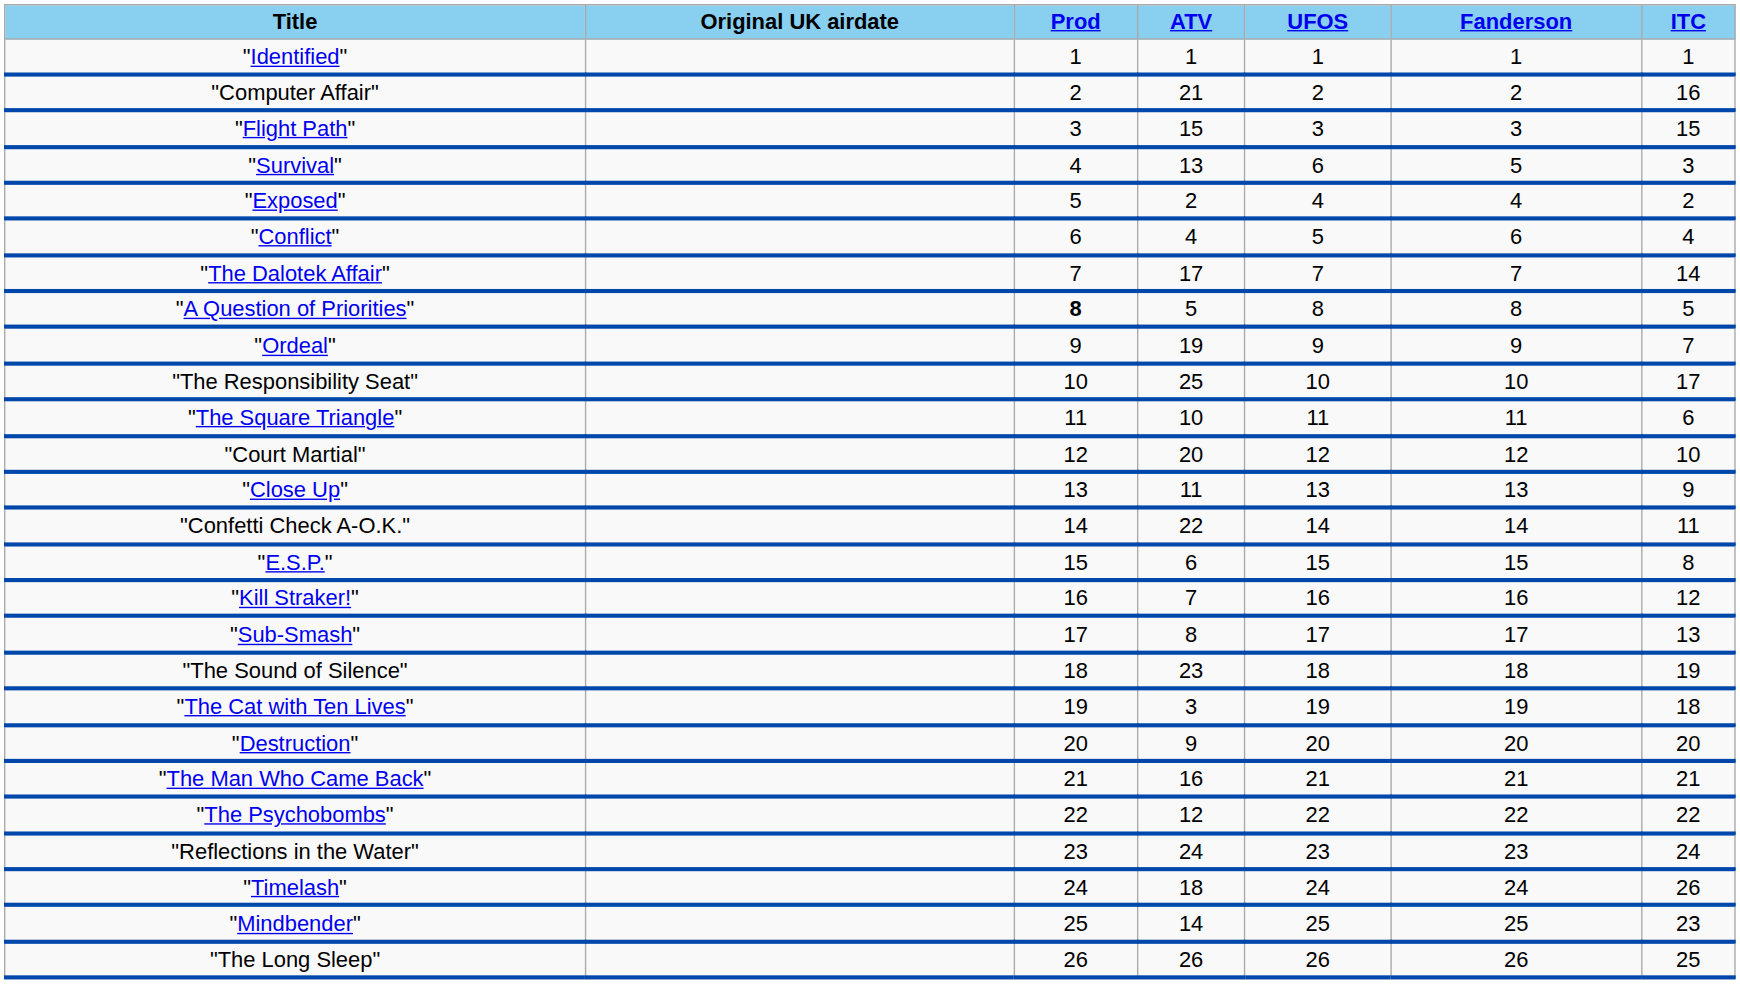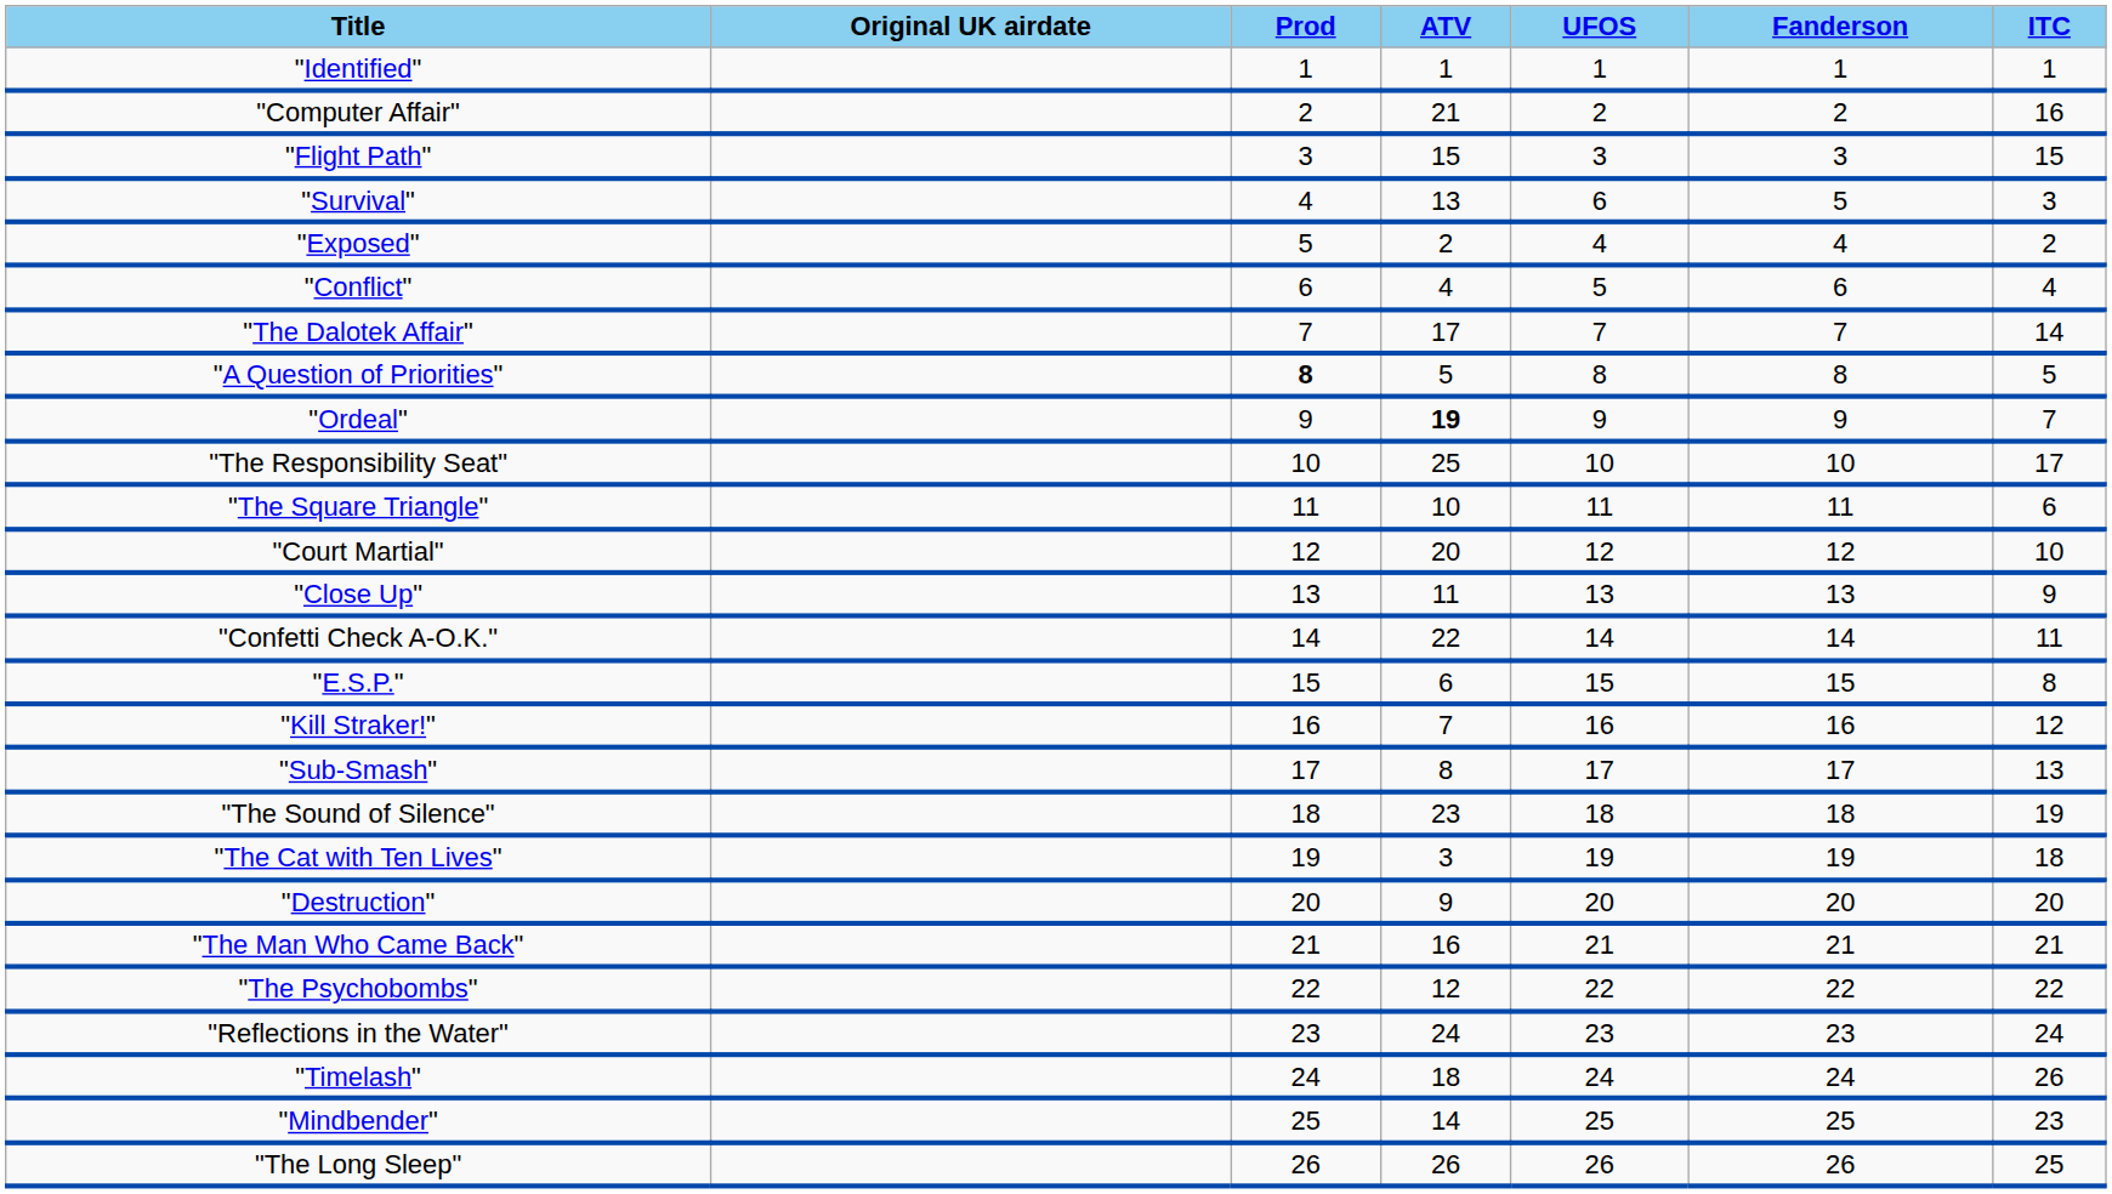 <table class="wikitable sortable" width="100%">
 <tr>
 <th scope="col" style="background-color:#89CFF0;">Title</th>
 <th scope="col" style="background-color:#89CFF0;">Original UK airdate</th>
 <th scope="col" style="background-color:#89CFF0;"><a href='#'>Prod</a></th>
 <th scope="col" style="background-color:#89CFF0;"><a href='#'>ATV</a></th>
 <th scope="col" style="background-color:#89CFF0;"><a href='#'>UFOS</a></th>
 <th scope="col" style="background-color:#89CFF0;"><a href='#'>Fanderson</a></th>
 <th scope="col" style="background-color:#89CFF0;"><a href='#'>ITC</a></th>
 </tr>
 <tr>
 <td align="center">"<a href='#'>Identified</a>"</td>
 <td align="center"></td>
 <td align="center">1</td>
 <td align="center">1</td>
 <td align="center">1</td>
 <td align="center">1</td>
 <td align="center">1</td>
 </tr>
 <tr class="expand-child" style="border-bottom: 3px solid #0047AB;">
 </tr>
 <tr>
 <td align="center">"Computer Affair"</td>
 <td align="center"></td>
 <td align="center">2</td>
 <td align="center">21</td>
 <td align="center">2</td>
 <td align="center">2</td>
 <td align="center">16</td>
 </tr>
 <tr class="expand-child" style="border-bottom: 3px solid #0047AB;">
 </tr>
 <tr>
 <td align="center">"<a href='#'>Flight Path</a>"</td>
 <td align="center"></td>
 <td align="center">3</td>
 <td align="center">15</td>
 <td align="center">3</td>
 <td align="center">3</td>
 <td align="center">15</td>
 </tr>
 <tr class="expand-child" style="border-bottom: 3px solid #0047AB;">
 </tr>
 <tr>
 <td align="center">"<a href='#'>Survival</a>"</td>
 <td align="center"></td>
 <td align="center">4</td>
 <td align="center">13</td>
 <td align="center">6</td>
 <td align="center">5</td>
 <td align="center">3</td>
 </tr>
 <tr class="expand-child" style="border-bottom: 3px solid #0047AB;">
 </tr>
 <tr>
 <td align="center">"<a href='#'>Exposed</a>"</td>
 <td align="center"></td>
 <td align="center">5</td>
 <td align="center">2</td>
 <td align="center">4</td>
 <td align="center">4</td>
 <td align="center">2</td>
 </tr>
 <tr class="expand-child" style="border-bottom: 3px solid #0047AB;">
 </tr>
 <tr>
 <td align="center">"<a href='#'>Conflict</a>"</td>
 <td align="center"></td>
 <td align="center">6</td>
 <td align="center">4</td>
 <td align="center">5</td>
 <td align="center">6</td>
 <td align="center">4</td>
 </tr>
 <tr class="expand-child" style="border-bottom: 3px solid #0047AB;">
 </tr>
 <tr>
 <td align="center">"<a href='#'>The Dalotek Affair</a>"</td>
 <td align="center"></td>
 <td align="center">7</td>
 <td align="center">17</td>
 <td align="center">7</td>
 <td align="center">7</td>
 <td align="center">14</td>
 </tr>
 <tr class="expand-child" style="border-bottom: 3px solid #0047AB;">
 </tr>
 <tr>
 <td align="center">"<a href='#'>A Question of Priorities</a>"</td>
 <td align="center"></td>
 <td align="center"><strong>8</strong></td>
 <td align="center">5</td>
 <td align="center">8</td>
 <td align="center">8</td>
 <td align="center">5</td>
 </tr>
 <tr class="expand-child" style="border-bottom: 3px solid #0047AB;">
 </tr>
 <tr>
 <td align="center">"<a href='#'>Ordeal</a>"</td>
 <td align="center"></td>
 <td align="center">9</td>
-<td align="center">19</td>
+<td align="center"><strong>19</strong></td>
 <td align="center">9</td>
 <td align="center">9</td>
 <td align="center">7</td>
 </tr>
 <tr class="expand-child" style="border-bottom: 3px solid #0047AB;">
 </tr>
 <tr>
 <td align="center">"The Responsibility Seat"</td>
 <td align="center"></td>
 <td align="center">10</td>
 <td align="center">25</td>
 <td align="center">10</td>
 <td align="center">10</td>
 <td align="center">17</td>
 </tr>
 <tr class="expand-child" style="border-bottom: 3px solid #0047AB;">
 </tr>
 <tr>
 <td align="center">"<a href='#'>The Square Triangle</a>"</td>
 <td align="center"></td>
 <td align="center">11</td>
 <td align="center">10</td>
 <td align="center">11</td>
 <td align="center">11</td>
 <td align="center">6</td>
 </tr>
 <tr class="expand-child" style="border-bottom: 3px solid #0047AB;">
 </tr>
 <tr>
 <td align="center">"Court Martial"</td>
 <td align="center"></td>
 <td align="center">12</td>
 <td align="center">20</td>
 <td align="center">12</td>
 <td align="center">12</td>
 <td align="center">10</td>
 </tr>
 <tr class="expand-child" style="border-bottom: 3px solid #0047AB;">
 </tr>
 <tr>
 <td align="center">"<a href='#'>Close Up</a>"</td>
 <td align="center"></td>
 <td align="center">13</td>
 <td align="center">11</td>
 <td align="center">13</td>
 <td align="center">13</td>
 <td align="center">9</td>
 </tr>
 <tr class="expand-child" style="border-bottom: 3px solid #0047AB;">
 </tr>
 <tr>
 <td align="center">"Confetti Check A-O.K."</td>
 <td align="center"></td>
 <td align="center">14</td>
 <td align="center">22</td>
 <td align="center">14</td>
 <td align="center">14</td>
 <td align="center">11</td>
 </tr>
 <tr class="expand-child" style="border-bottom: 3px solid #0047AB;">
 </tr>
 <tr>
 <td align="center">"<a href='#'>E.S.P.</a>"</td>
 <td align="center"></td>
 <td align="center">15</td>
 <td align="center">6</td>
 <td align="center">15</td>
 <td align="center">15</td>
 <td align="center">8</td>
 </tr>
 <tr class="expand-child" style="border-bottom: 3px solid #0047AB;">
 </tr>
 <tr>
 <td align="center">"<a href='#'>Kill Straker!</a>"</td>
 <td align="center"></td>
 <td align="center">16</td>
 <td align="center">7</td>
 <td align="center">16</td>
 <td align="center">16</td>
 <td align="center">12</td>
 </tr>
 <tr class="expand-child" style="border-bottom: 3px solid #0047AB;">
 </tr>
 <tr>
 <td align="center">"<a href='#'>Sub-Smash</a>"</td>
 <td align="center"></td>
 <td align="center">17</td>
 <td align="center">8</td>
 <td align="center">17</td>
 <td align="center">17</td>
 <td align="center">13</td>
 </tr>
 <tr class="expand-child" style="border-bottom: 3px solid #0047AB;">
 </tr>
 <tr>
 <td align="center">"The Sound of Silence"</td>
 <td align="center"></td>
 <td align="center">18</td>
 <td align="center">23</td>
 <td align="center">18</td>
 <td align="center">18</td>
 <td align="center">19</td>
 </tr>
 <tr class="expand-child" style="border-bottom: 3px solid #0047AB;">
 </tr>
 <tr>
 <td align="center">"<a href='#'>The Cat with Ten Lives</a>"</td>
 <td align="center"></td>
 <td align="center">19</td>
 <td align="center">3</td>
 <td align="center">19</td>
 <td align="center">19</td>
 <td align="center">18</td>
 </tr>
 <tr class="expand-child" style="border-bottom: 3px solid #0047AB;">
 </tr>
 <tr>
 <td align="center">"<a href='#'>Destruction</a>"</td>
 <td align="center"></td>
 <td align="center">20</td>
 <td align="center">9</td>
 <td align="center">20</td>
 <td align="center">20</td>
 <td align="center">20</td>
 </tr>
 <tr class="expand-child" style="border-bottom: 3px solid #0047AB;">
 </tr>
 <tr>
 <td align="center">"<a href='#'>The Man Who Came Back</a>"</td>
 <td align="center"></td>
 <td align="center">21</td>
 <td align="center">16</td>
 <td align="center">21</td>
 <td align="center">21</td>
 <td align="center">21</td>
 </tr>
 <tr class="expand-child" style="border-bottom: 3px solid #0047AB;">
 </tr>
 <tr>
 <td align="center">"<a href='#'>The Psychobombs</a>"</td>
 <td align="center"></td>
 <td align="center">22</td>
 <td align="center">12</td>
 <td align="center">22</td>
 <td align="center">22</td>
 <td align="center">22</td>
 </tr>
 <tr class="expand-child" style="border-bottom: 3px solid #0047AB;">
 </tr>
 <tr>
 <td align="center">"Reflections in the Water"</td>
 <td align="center"></td>
 <td align="center">23</td>
 <td align="center">24</td>
 <td align="center">23</td>
 <td align="center">23</td>
 <td align="center">24</td>
 </tr>
 <tr class="expand-child" style="border-bottom: 3px solid #0047AB;">
 </tr>
 <tr>
 <td align="center">"<a href='#'>Timelash</a>"</td>
 <td align="center"></td>
 <td align="center">24</td>
 <td align="center">18</td>
 <td align="center">24</td>
 <td align="center">24</td>
 <td align="center">26</td>
 </tr>
 <tr class="expand-child" style="border-bottom: 3px solid #0047AB;">
 </tr>
 <tr>
 <td align="center">"<a href='#'>Mindbender</a>"</td>
 <td align="center"></td>
 <td align="center">25</td>
 <td align="center">14</td>
 <td align="center">25</td>
 <td align="center">25</td>
 <td align="center">23</td>
 </tr>
 <tr class="expand-child" style="border-bottom: 3px solid #0047AB;">
 </tr>
 <tr>
 <td align="center">"The Long Sleep"</td>
 <td align="center"></td>
 <td align="center">26</td>
 <td align="center">26</td>
 <td align="center">26</td>
 <td align="center">26</td>
 <td align="center">25</td>
 </tr>
 <tr class="expand-child" style="border-bottom: 3px solid #0047AB;">
 </tr>
 </table>
